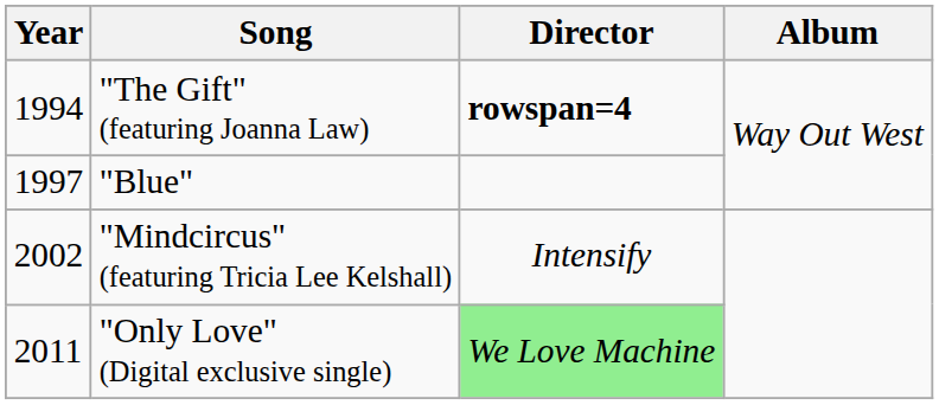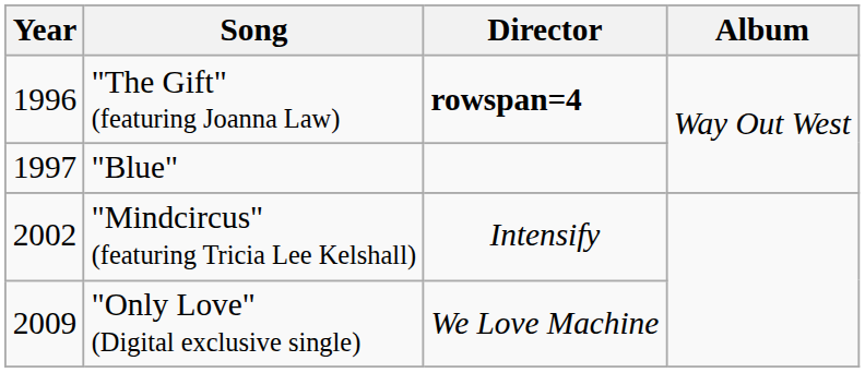 <table class="wikitable">
 <tr>
 <th>Year</th>
 <th>Song</th>
 <th>Director</th>
 <th>Album</th>
 </tr>
 <tr>
-<td>1994</td>
+<td>1996</td>
 <td>"The Gift"<br><small>(featuring Joanna Law)</small></td>
 <td><strong>rowspan=4 </strong></td>
 <td style="text-align:center;" rowspan="2"><em>Way Out West</em></td>
 </tr>
 <tr>
 <td>1997</td>
 <td>"Blue"<br></td>
 </tr>
 <tr>
 <td>2002</td>
 <td>"Mindcircus"<br><small>(featuring Tricia Lee Kelshall)</small></td>
 <td style="text-align:center;"><em>Intensify</em></td>
 </tr>
 <tr>
-<td>2011</td>
+<td>2009</td>
 <td>"Only Love"<br><small>(Digital exclusive single)</small></td>
-<td style="background: lightgreen; text-align:center;"><em>We Love Machine</em></td>
+<td style="text-align:center;"><em>We Love Machine</em></td>
 </tr>
 </table>
